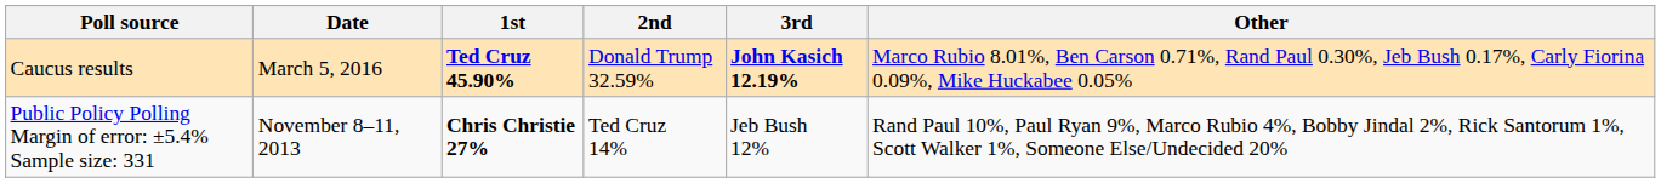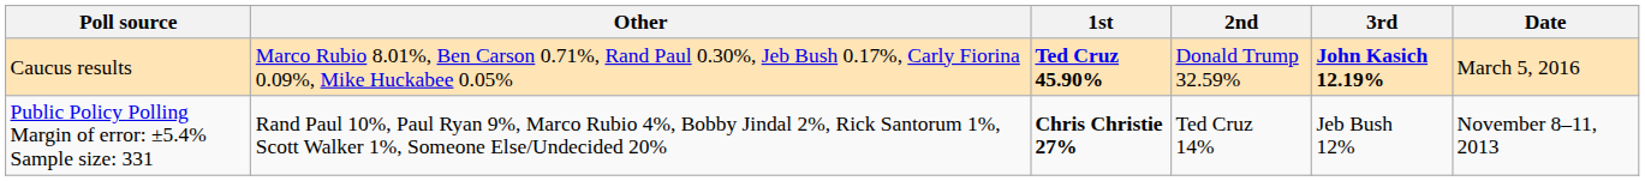 <table class="wikitable">
 <tr>
 <th style="width:180px;">Poll source</th>
-<th style="width:135px;">Date</th>
+<th>Other</th>
 <th style="width:100px;">1st</th>
 <th style="width:100px;">2nd</th>
 <th style="width:100px;">3rd</th>
-<th>Other</th>
+<th style="width:135px;">Date</th>
 </tr>
 <tr style="background:Moccasin;">
 <td>Caucus results</td>
-<td>March 5, 2016</td>
+<td><a href='#'>Marco Rubio</a> 8.01%, <a href='#'>Ben Carson</a> 0.71%, <a href='#'>Rand Paul</a> 0.30%, <a href='#'>Jeb Bush</a> 0.17%, <a href='#'>Carly Fiorina</a> 0.09%, <a href='#'>Mike Huckabee</a> 0.05%</td>
 <td><strong><a href='#'>Ted Cruz</a><br>45.90%</strong></td>
 <td><a href='#'>Donald Trump</a><br>32.59%</td>
 <td><strong><a href='#'>John Kasich</a><br>12.19%</strong></td>
-<td><a href='#'>Marco Rubio</a> 8.01%, <a href='#'>Ben Carson</a> 0.71%, <a href='#'>Rand Paul</a> 0.30%, <a href='#'>Jeb Bush</a> 0.17%, <a href='#'>Carly Fiorina</a> 0.09%, <a href='#'>Mike Huckabee</a> 0.05%</td>
+<td>March 5, 2016</td>
 </tr>
 <tr>
 <td><a href='#'>Public Policy Polling</a><br>Margin of error: ±5.4% <br>Sample size: 331</td>
-<td>November 8–11, 2013</td>
+<td>Rand Paul 10%, Paul Ryan 9%, Marco Rubio 4%, Bobby Jindal 2%, Rick Santorum 1%, Scott Walker 1%, Someone Else/Undecided 20%</td>
 <td><strong>Chris Christie<br>27%</strong></td>
 <td>Ted Cruz<br>14%</td>
 <td>Jeb Bush<br>12%</td>
-<td>Rand Paul 10%, Paul Ryan 9%, Marco Rubio 4%, Bobby Jindal 2%, Rick Santorum 1%, Scott Walker 1%, Someone Else/Undecided 20%</td>
+<td>November 8–11, 2013</td>
 </tr>
 </table>
